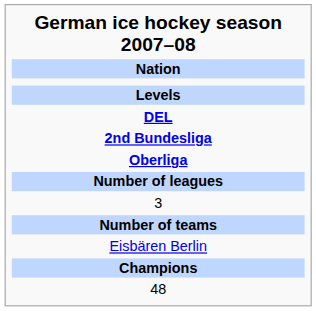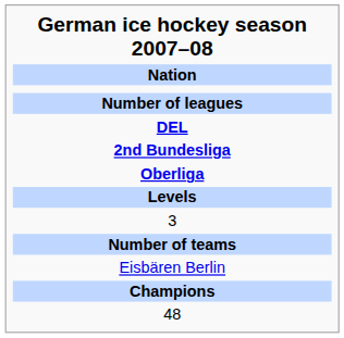 <table class="infobox football" style="width: 16em; text-align: center;">
 <tr>
 <th style="font-size: 16px;">German ice hockey season 2007–08</th>
 </tr>
 <tr>
 <td style="font-size: 12px; background: #BFD7FF;"><strong>Nation</strong></td>
 </tr>
 <tr>
 <td style="font-size: 12px;"></td>
 </tr>
 <tr>
-<td style="font-size: 12px; background: #BFD7FF;"><strong>Levels</strong></td>
+<td style="font-size: 12px; background: #BFD7FF;"><strong>Number of leagues</strong></td>
 </tr>
 <tr>
 <td style="font-size: 12px;"><strong><a href='#'>DEL</a></strong></td>
 </tr>
 <tr>
 <td style="font-size: 12px;"><strong><a href='#'>2nd Bundesliga</a></strong></td>
 </tr>
 <tr>
 <td style="font-size: 12px;"><strong><a href='#'>Oberliga</a></strong></td>
 </tr>
 <tr>
-<td style="font-size: 12px; background: #BFD7FF;"><strong>Number of leagues</strong></td>
+<td style="font-size: 12px; background: #BFD7FF;"><strong>Levels</strong></td>
 </tr>
 <tr>
 <td style="font-size: 12px;">3</td>
 </tr>
 <tr>
 <td style="font-size: 12px; background: #BFD7FF;"><strong>Number of teams</strong></td>
 </tr>
 <tr>
 <td style="font-size: 12px;"><a href='#'>Eisbären Berlin</a></td>
 </tr>
 <tr>
 <td style="font-size: 12px; background: #BFD7FF;"><strong>Champions</strong></td>
 </tr>
 <tr>
 <td style="font-size: 12px;">48</td>
 </tr>
 </table>
